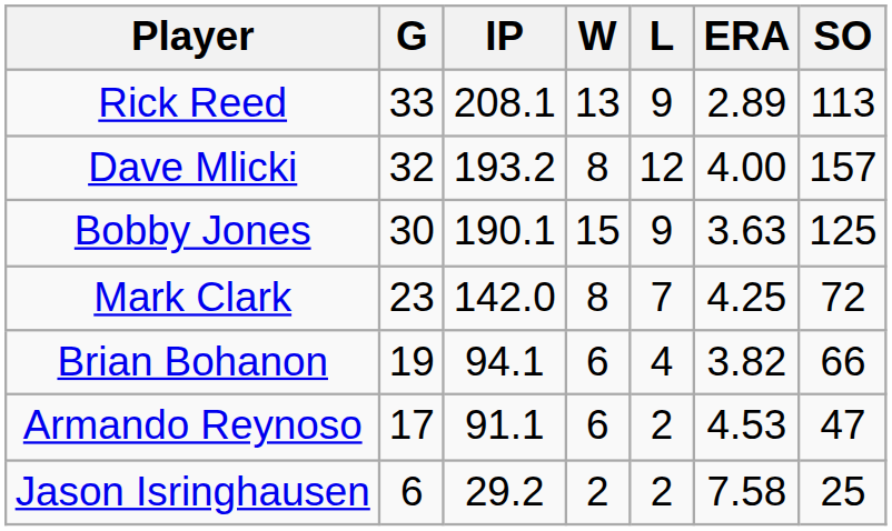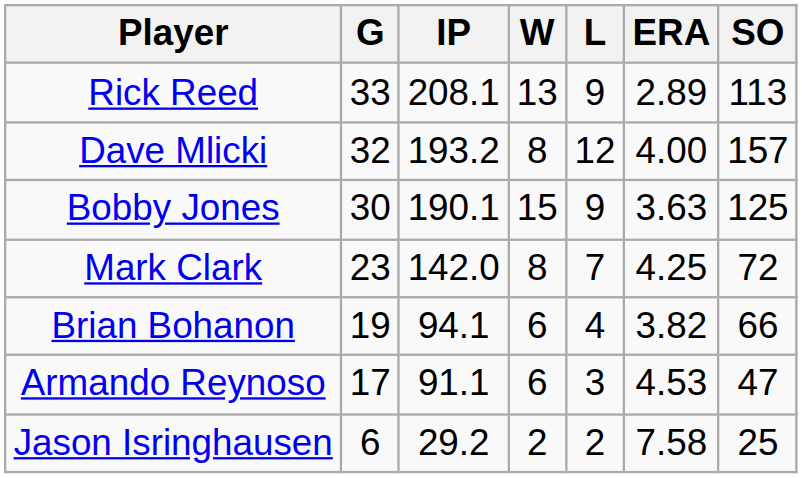 <table class="wikitable sortable">
 <tr>
 <th>Player</th>
 <th>G</th>
 <th>IP</th>
 <th>W</th>
 <th>L</th>
 <th>ERA</th>
 <th>SO</th>
 </tr>
 <tr align="center">
 <td><a href='#'>Rick Reed</a></td>
 <td>33</td>
 <td>208.1</td>
 <td>13</td>
 <td>9</td>
 <td>2.89</td>
 <td>113</td>
 </tr>
 <tr align="center">
 <td><a href='#'>Dave Mlicki</a></td>
 <td>32</td>
 <td>193.2</td>
 <td>8</td>
 <td>12</td>
 <td>4.00</td>
 <td>157</td>
 </tr>
 <tr align="center">
 <td><a href='#'>Bobby Jones</a></td>
 <td>30</td>
 <td>190.1</td>
 <td>15</td>
 <td>9</td>
 <td>3.63</td>
 <td>125</td>
 </tr>
 <tr align="center">
 <td><a href='#'>Mark Clark</a></td>
 <td>23</td>
 <td>142.0</td>
 <td>8</td>
 <td>7</td>
 <td>4.25</td>
 <td>72</td>
 </tr>
 <tr align="center">
 <td><a href='#'>Brian Bohanon</a></td>
 <td>19</td>
 <td>94.1</td>
 <td>6</td>
 <td>4</td>
 <td>3.82</td>
 <td>66</td>
 </tr>
 <tr align="center">
 <td><a href='#'>Armando Reynoso</a></td>
 <td>17</td>
 <td>91.1</td>
 <td>6</td>
-<td>2</td>
+<td>3</td>
 <td>4.53</td>
 <td>47</td>
 </tr>
 <tr align="center">
 <td><a href='#'>Jason Isringhausen</a></td>
 <td>6</td>
 <td>29.2</td>
 <td>2</td>
 <td>2</td>
 <td>7.58</td>
 <td>25</td>
 </tr>
 </table>
